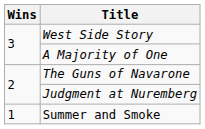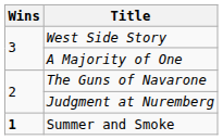 <table class="wikitable">
 <tr>
 <th>Wins</th>
 <th>Title</th>
 </tr>
 <tr>
 <td rowspan=2>3</td>
 <td><em>West Side Story</em></td>
 </tr>
 <tr>
 <td><em>A Majority of One</em></td>
 </tr>
 <tr>
 <td rowspan=2>2</td>
 <td><em>The Guns of Navarone</em></td>
 </tr>
 <tr>
 <td><em>Judgment at Nuremberg</em></td>
 </tr>
 <tr>
-<td>1</td>
+<td><strong>1</strong></td>
 <td>Summer and Smoke</td>
 </tr>
 </table>
